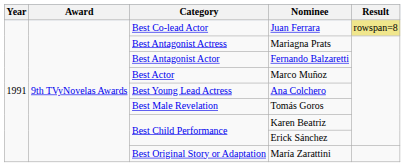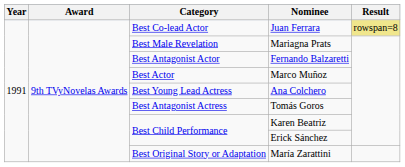 <table class="wikitable">
 <tr style="background:#b0c4de;">
 <th>Year</th>
 <th>Award</th>
 <th>Category</th>
 <th>Nominee</th>
 <th>Result</th>
 </tr>
 <tr>
 <td rowspan=9>1991</td>
 <td rowspan=9><a href='#'>9th TVyNovelas Awards</a></td>
 <td><a href='#'>Best Co-lead Actor</a></td>
 <td><a href='#'>Juan Ferrara</a></td>
 <td style="background: khaki;">rowspan=8 </td>
 </tr>
 <tr>
-<td><a href='#'>Best Antagonist Actress</a></td>
+<td><a href='#'>Best Male Revelation</a></td>
 <td>Mariagna Prats</td>
 </tr>
 <tr>
 <td><a href='#'>Best Antagonist Actor</a></td>
 <td><a href='#'>Fernando Balzaretti</a></td>
 </tr>
 <tr>
 <td><a href='#'>Best Actor</a></td>
 <td>Marco Muñoz</td>
 </tr>
 <tr>
 <td><a href='#'>Best Young Lead Actress</a></td>
 <td><a href='#'>Ana Colchero</a></td>
 </tr>
 <tr>
-<td><a href='#'>Best Male Revelation</a></td>
+<td><a href='#'>Best Antagonist Actress</a></td>
 <td>Tomás Goros</td>
 </tr>
 <tr>
 <td rowspan=2><a href='#'>Best Child Performance</a></td>
 <td>Karen Beatriz</td>
 </tr>
 <tr>
 <td>Erick Sánchez</td>
 </tr>
 <tr>
 <td><a href='#'>Best Original Story or Adaptation</a></td>
 <td>María Zarattini</td>
 <td></td>
 </tr>
 </table>
